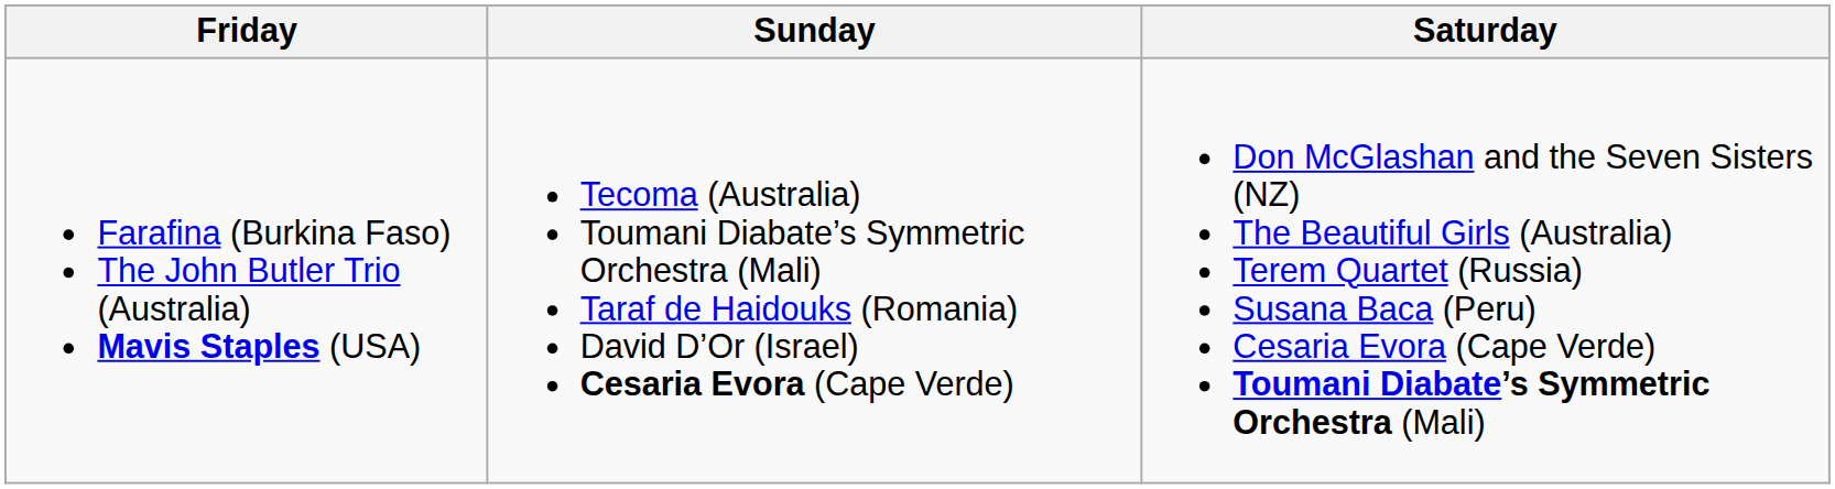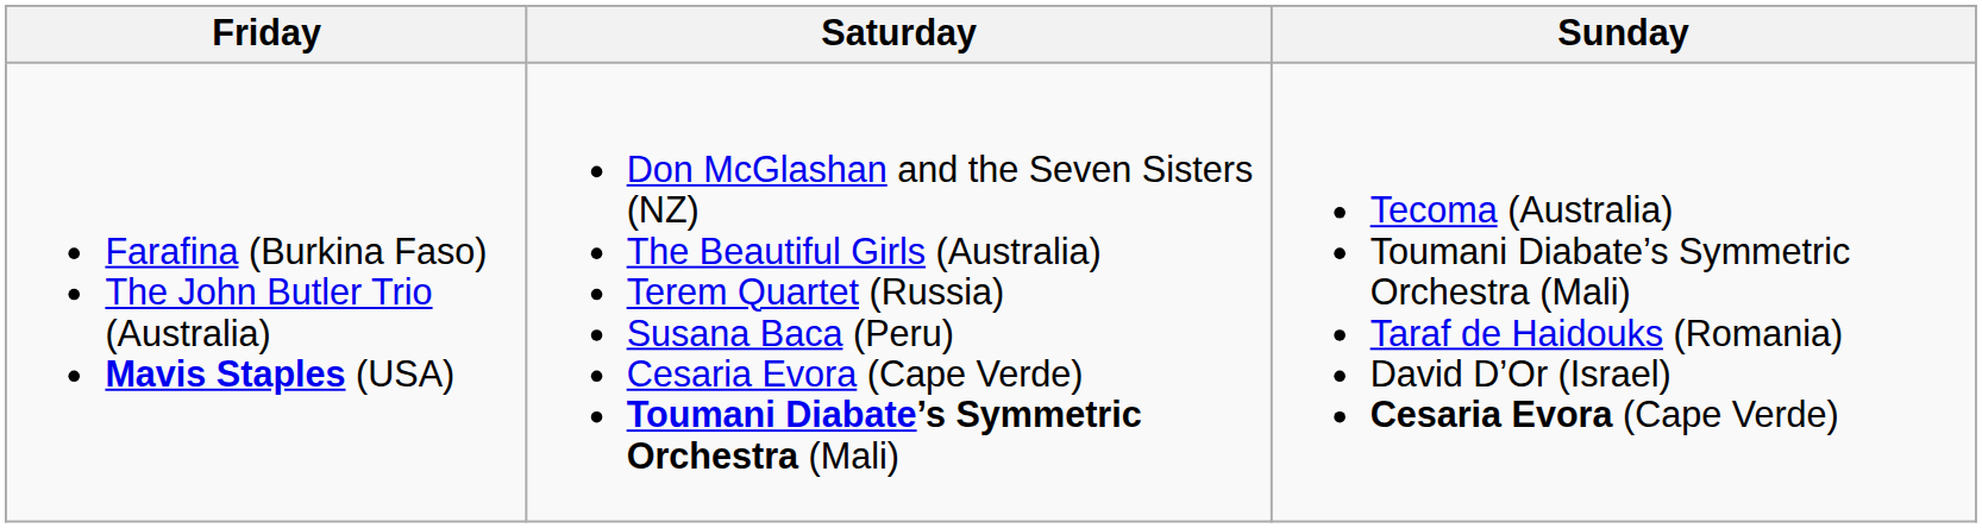 <table class="wikitable">
 <tr>
 <th>Friday</th>
+<th>Saturday</th>
 <th>Sunday</th>
-<th>Saturday</th>
 </tr>
 <tr>
 <td><br><ul><li><a href='#'>Farafina</a> (Burkina Faso)</li><li><a href='#'>The John Butler Trio</a> (Australia)</li><li><strong><a href='#'>Mavis Staples</a></strong> (USA)</li></ul></td>
+<td><br><ul><li><a href='#'>Don McGlashan</a> and the Seven Sisters (NZ)</li><li><a href='#'>The Beautiful Girls</a> (Australia)</li><li><a href='#'>Terem Quartet</a> (Russia)</li><li><a href='#'>Susana Baca</a> (Peru)</li><li><a href='#'>Cesaria Evora</a> (Cape Verde)</li><li><strong><a href='#'>Toumani Diabate</a>’s Symmetric Orchestra</strong> (Mali)</li></ul></td>
 <td><br><ul><li><a href='#'>Tecoma</a> (Australia)</li><li>Toumani Diabate’s Symmetric Orchestra (Mali)</li><li><a href='#'>Taraf de Haidouks</a> (Romania)</li><li>David D’Or (Israel)</li><li><strong>Cesaria Evora</strong> (Cape Verde)</li></ul></td>
-<td><br><ul><li><a href='#'>Don McGlashan</a> and the Seven Sisters (NZ)</li><li><a href='#'>The Beautiful Girls</a> (Australia)</li><li><a href='#'>Terem Quartet</a> (Russia)</li><li><a href='#'>Susana Baca</a> (Peru)</li><li><a href='#'>Cesaria Evora</a> (Cape Verde)</li><li><strong><a href='#'>Toumani Diabate</a>’s Symmetric Orchestra</strong> (Mali)</li></ul></td>
 </tr>
 </table>
